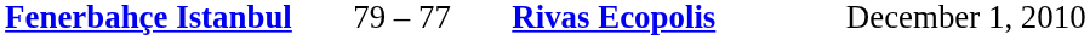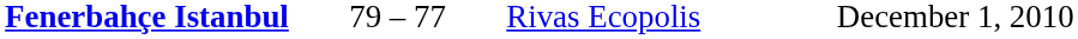 <table style="text-align:center">
 <tr>
 <th width=160></th>
 <th width=100></th>
 <th width=160></th>
 <th width=200></th>
 </tr>
 <tr>
 <td align=right><strong><a href='#'>Fenerbahçe Istanbul</a></strong> </td>
 <td>79 – 77</td>
-<td align=left><strong> <a href='#'>Rivas Ecopolis</a></strong></td>
+<td align=left> <a href='#'>Rivas Ecopolis</a></td>
 <td align=left>December 1, 2010 </td>
 </tr>
 </table>
